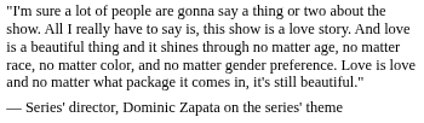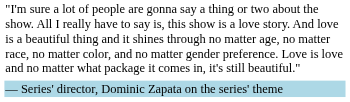 <table class="toccolours" style="float:left; margin-left:1em; margin-right:2em; font-size:95%; width:28em; max-width:40%;" cellspacing="5">
 <tr>
 <td style="text-align: left;">"I'm sure a lot of people are gonna say a thing or two about the show. All I really have to say is, this show is a love story. And love is a beautiful thing and it shines through no matter age, no matter race, no matter color, and no matter gender preference. Love is love and no matter what package it comes in, it's still beautiful."</td>
 </tr>
 <tr>
-<td style="text-align: left;">— Series' director, Dominic Zapata on the series' theme</td>
+<td style="background: lightblue; text-align: left;">— Series' director, Dominic Zapata on the series' theme</td>
 </tr>
 </table>
